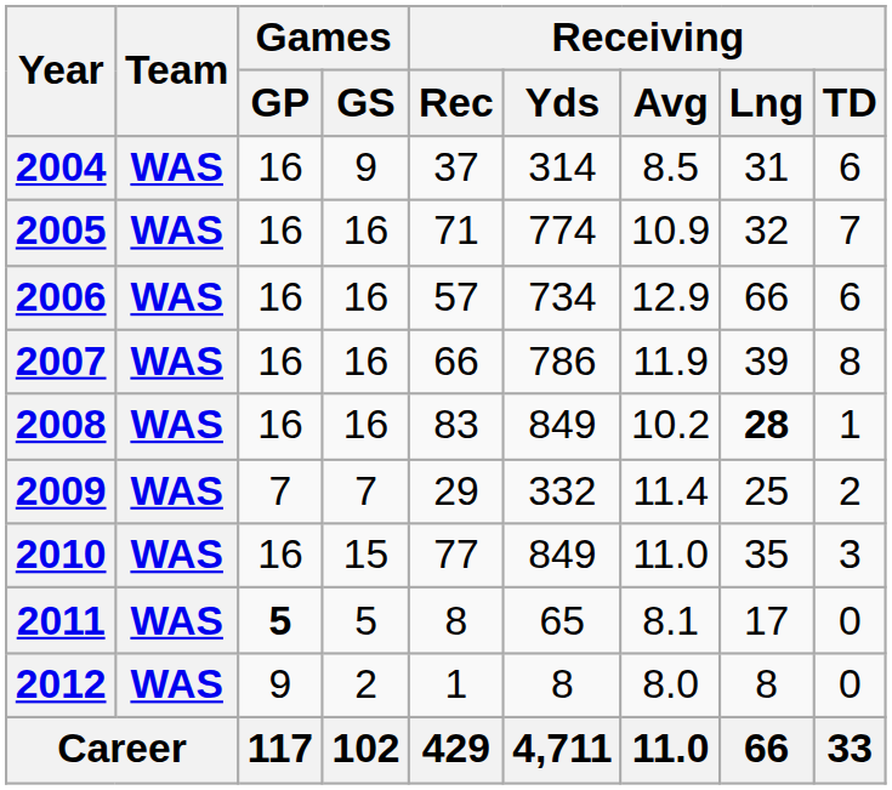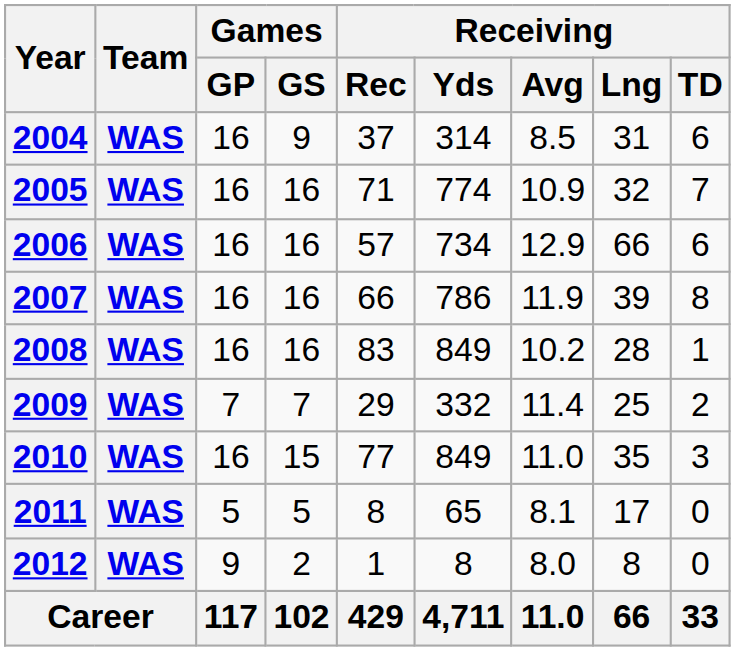 <table class="wikitable" style="text-align: center;">
 <tr>
 <th rowspan="2">Year</th>
 <th rowspan="2">Team</th>
 <th colspan="2">Games</th>
 <th colspan="5">Receiving</th>
 </tr>
 <tr>
 <th>GP</th>
 <th>GS</th>
 <th>Rec</th>
 <th>Yds</th>
 <th>Avg</th>
 <th>Lng</th>
 <th>TD</th>
 </tr>
 <tr>
 <th><a href='#'>2004</a></th>
 <th><a href='#'>WAS</a></th>
 <td>16</td>
 <td>9</td>
 <td>37</td>
 <td>314</td>
 <td>8.5</td>
 <td>31</td>
 <td>6</td>
 </tr>
 <tr>
 <th><a href='#'>2005</a></th>
 <th><a href='#'>WAS</a></th>
 <td>16</td>
 <td>16</td>
 <td>71</td>
 <td>774</td>
 <td>10.9</td>
 <td>32</td>
 <td>7</td>
 </tr>
 <tr>
 <th><a href='#'>2006</a></th>
 <th><a href='#'>WAS</a></th>
 <td>16</td>
 <td>16</td>
 <td>57</td>
 <td>734</td>
 <td>12.9</td>
 <td>66</td>
 <td>6</td>
 </tr>
 <tr>
 <th><a href='#'>2007</a></th>
 <th><a href='#'>WAS</a></th>
 <td>16</td>
 <td>16</td>
 <td>66</td>
 <td>786</td>
 <td>11.9</td>
 <td>39</td>
 <td>8</td>
 </tr>
 <tr>
 <th><a href='#'>2008</a></th>
 <th><a href='#'>WAS</a></th>
 <td>16</td>
 <td>16</td>
 <td>83</td>
 <td>849</td>
 <td>10.2</td>
-<td><strong>28</strong></td>
+<td>28</td>
 <td>1</td>
 </tr>
 <tr>
 <th><a href='#'>2009</a></th>
 <th><a href='#'>WAS</a></th>
 <td>7</td>
 <td>7</td>
 <td>29</td>
 <td>332</td>
 <td>11.4</td>
 <td>25</td>
 <td>2</td>
 </tr>
 <tr>
 <th><a href='#'>2010</a></th>
 <th><a href='#'>WAS</a></th>
 <td>16</td>
 <td>15</td>
 <td>77</td>
 <td>849</td>
 <td>11.0</td>
 <td>35</td>
 <td>3</td>
 </tr>
 <tr>
 <th><a href='#'>2011</a></th>
 <th><a href='#'>WAS</a></th>
-<td><strong>5</strong></td>
+<td>5</td>
 <td>5</td>
 <td>8</td>
 <td>65</td>
 <td>8.1</td>
 <td>17</td>
 <td>0</td>
 </tr>
 <tr>
 <th><a href='#'>2012</a></th>
 <th><a href='#'>WAS</a></th>
 <td>9</td>
 <td>2</td>
 <td>1</td>
 <td>8</td>
 <td>8.0</td>
 <td>8</td>
 <td>0</td>
 </tr>
 <tr>
 <th colspan="2">Career</th>
 <th>117</th>
 <th>102</th>
 <th>429</th>
 <th>4,711</th>
 <th>11.0</th>
 <th>66</th>
 <th>33</th>
 </tr>
 </table>
